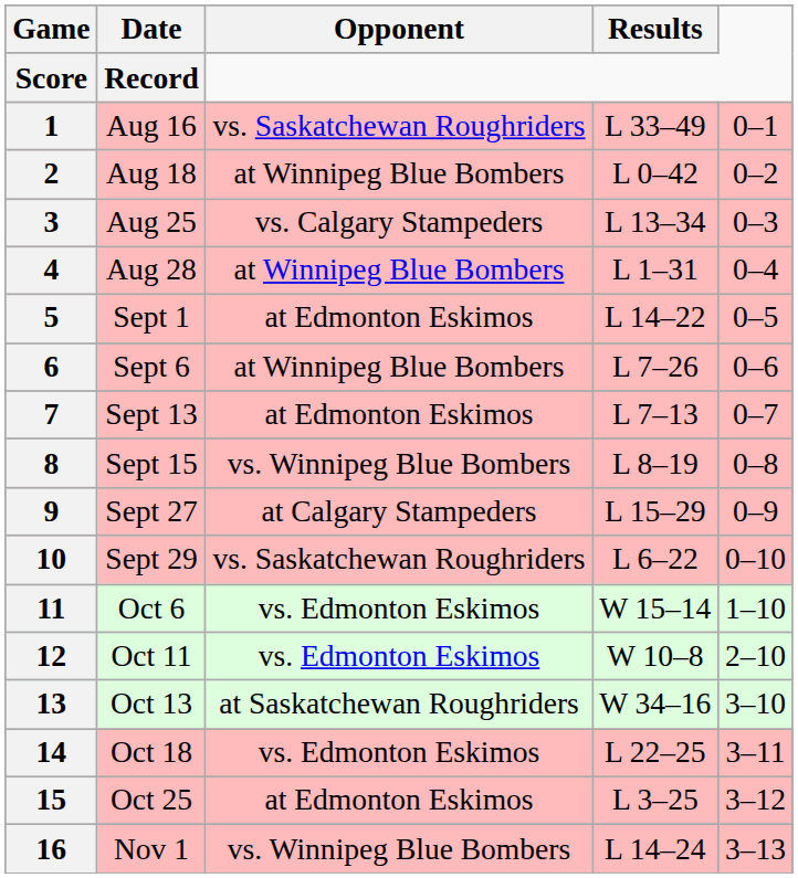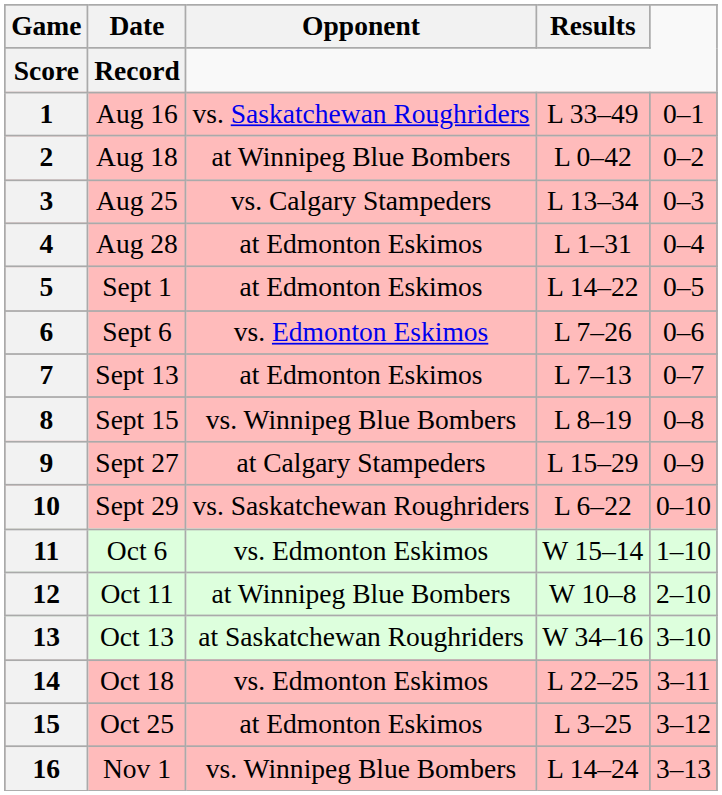 <table class="wikitable" style="text-align:center">
 <tr>
 <th>Game</th>
 <th>Date</th>
 <th>Opponent</th>
 <th>Results</th>
 </tr>
 <tr>
 <th>Score</th>
 <th>Record</th>
 </tr>
 <tr style="background:#ffbbbb">
 <th>1</th>
 <td>Aug 16</td>
 <td>vs. <a href='#'>Saskatchewan Roughriders</a></td>
 <td>L 33–49</td>
 <td>0–1</td>
 </tr>
 <tr style="background:#ffbbbb">
 <th>2</th>
 <td>Aug 18</td>
 <td>at Winnipeg Blue Bombers</td>
 <td>L 0–42</td>
 <td>0–2</td>
 </tr>
 <tr style="background:#ffbbbb">
 <th>3</th>
 <td>Aug 25</td>
 <td>vs. Calgary Stampeders</td>
 <td>L 13–34</td>
 <td>0–3</td>
 </tr>
 <tr style="background:#ffbbbb">
 <th>4</th>
 <td>Aug 28</td>
-<td>at <a href='#'>Winnipeg Blue Bombers</a></td>
+<td>at Edmonton Eskimos</td>
 <td>L 1–31</td>
 <td>0–4</td>
 </tr>
 <tr style="background:#ffbbbb">
 <th>5</th>
 <td>Sept 1</td>
 <td>at Edmonton Eskimos</td>
 <td>L 14–22</td>
 <td>0–5</td>
 </tr>
 <tr style="background:#ffbbbb">
 <th>6</th>
 <td>Sept 6</td>
-<td>at Winnipeg Blue Bombers</td>
+<td>vs. <a href='#'>Edmonton Eskimos</a></td>
 <td>L 7–26</td>
 <td>0–6</td>
 </tr>
 <tr style="background:#ffbbbb">
 <th>7</th>
 <td>Sept 13</td>
 <td>at Edmonton Eskimos</td>
 <td>L 7–13</td>
 <td>0–7</td>
 </tr>
 <tr style="background:#ffbbbb">
 <th>8</th>
 <td>Sept 15</td>
 <td>vs. Winnipeg Blue Bombers</td>
 <td>L 8–19</td>
 <td>0–8</td>
 </tr>
 <tr style="background:#ffbbbb">
 <th>9</th>
 <td>Sept 27</td>
 <td>at Calgary Stampeders</td>
 <td>L 15–29</td>
 <td>0–9</td>
 </tr>
 <tr style="background:#ffbbbb">
 <th>10</th>
 <td>Sept 29</td>
 <td>vs. Saskatchewan Roughriders</td>
 <td>L 6–22</td>
 <td>0–10</td>
 </tr>
 <tr style="background:#ddffdd">
 <th>11</th>
 <td>Oct 6</td>
 <td>vs. Edmonton Eskimos</td>
 <td>W 15–14</td>
 <td>1–10</td>
 </tr>
 <tr style="background:#ddffdd">
 <th>12</th>
 <td>Oct 11</td>
-<td>vs. <a href='#'>Edmonton Eskimos</a></td>
+<td>at Winnipeg Blue Bombers</td>
 <td>W 10–8</td>
 <td>2–10</td>
 </tr>
 <tr style="background:#ddffdd">
 <th>13</th>
 <td>Oct 13</td>
 <td>at Saskatchewan Roughriders</td>
 <td>W 34–16</td>
 <td>3–10</td>
 </tr>
 <tr style="background:#ffbbbb">
 <th>14</th>
 <td>Oct 18</td>
 <td>vs. Edmonton Eskimos</td>
 <td>L 22–25</td>
 <td>3–11</td>
 </tr>
 <tr style="background:#ffbbbb">
 <th>15</th>
 <td>Oct 25</td>
 <td>at Edmonton Eskimos</td>
 <td>L 3–25</td>
 <td>3–12</td>
 </tr>
 <tr style="background:#ffbbbb">
 <th>16</th>
 <td>Nov 1</td>
 <td>vs. Winnipeg Blue Bombers</td>
 <td>L 14–24</td>
 <td>3–13</td>
 </tr>
 </table>
